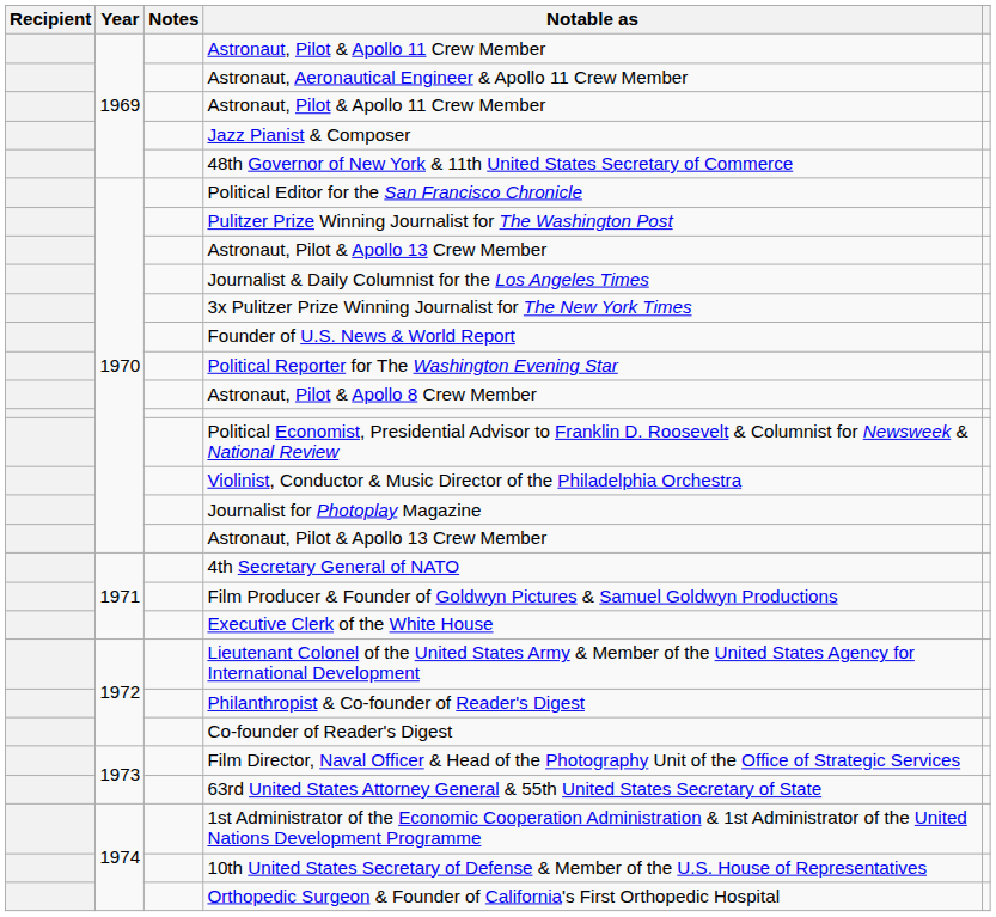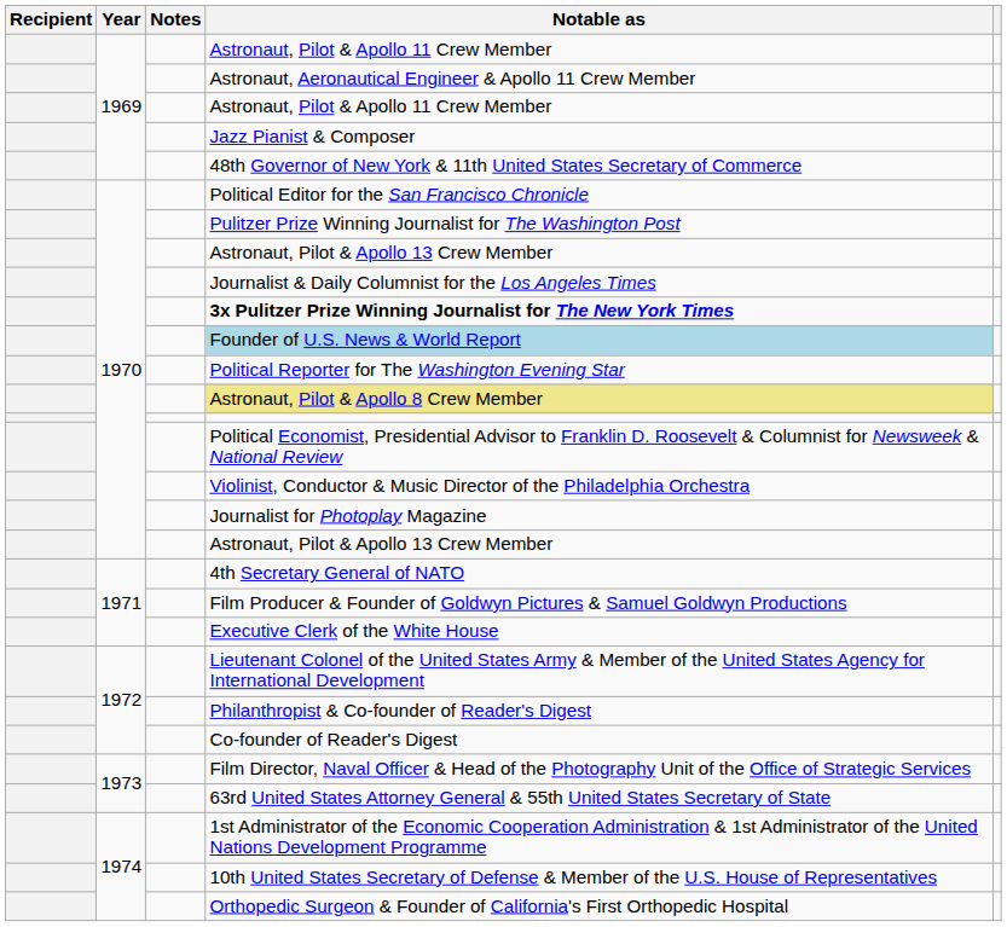 <table class="wikitable sortable plainrowheaders">
 <tr>
 <th>Recipient</th>
 <th>Year</th>
 <th>Notes</th>
 <th>Notable as</th>
 <th class="unsortable"></th>
 </tr>
 <tr>
 <th scope="row"></th>
 <td rowspan="5">1969</td>
 <td></td>
 <td><a href='#'>Astronaut</a>, <a href='#'>Pilot</a> & <a href='#'>Apollo 11</a> Crew Member</td>
 <td></td>
 </tr>
 <tr>
 <th scope="row"></th>
 <td></td>
 <td>Astronaut, <a href='#'>Aeronautical Engineer</a> & Apollo 11 Crew Member</td>
 <td></td>
 </tr>
 <tr>
 <th scope="row"></th>
 <td></td>
 <td>Astronaut, <a href='#'>Pilot</a> & Apollo 11 Crew Member</td>
 <td></td>
 </tr>
 <tr>
 <th scope="row"></th>
 <td></td>
 <td><a href='#'>Jazz Pianist</a> & Composer</td>
 <td></td>
 </tr>
 <tr>
 <th scope="row"></th>
 <td></td>
 <td>48th <a href='#'>Governor of New York</a> & 11th <a href='#'>United States Secretary of Commerce</a></td>
 <td></td>
 </tr>
 <tr>
 <th scope="row"></th>
 <td rowspan="13">1970</td>
 <td></td>
 <td>Political Editor for the <em><a href='#'>San Francisco Chronicle</a></em></td>
 <td></td>
 </tr>
 <tr>
 <th scope="row"></th>
 <td></td>
 <td><a href='#'>Pulitzer Prize</a> Winning Journalist for <em><a href='#'>The Washington Post</a></em></td>
 <td></td>
 </tr>
 <tr>
 <th scope="row"></th>
 <td></td>
 <td>Astronaut, Pilot & <a href='#'>Apollo 13</a> Crew Member</td>
 <td></td>
 </tr>
 <tr>
 <th scope="row"></th>
 <td></td>
 <td>Journalist & Daily Columnist for the <em><a href='#'>Los Angeles Times</a></em></td>
 <td></td>
 </tr>
 <tr>
 <th scope="row"></th>
 <td></td>
-<td>3x Pulitzer Prize Winning Journalist for <em><a href='#'>The New York Times</a></em></td>
+<td><strong>3x Pulitzer Prize Winning Journalist for <em><a href='#'>The New York Times</a></em></strong></td>
 <td></td>
 </tr>
 <tr>
 <th scope="row"></th>
 <td></td>
-<td>Founder of <a href='#'>U.S. News & World Report</a></td>
+<td style="background: lightblue;">Founder of <a href='#'>U.S. News & World Report</a></td>
 <td></td>
 </tr>
 <tr>
 <th scope="row"></th>
 <td></td>
 <td><a href='#'>Political Reporter</a> for The <em><a href='#'>Washington Evening Star</a></em></td>
 <td></td>
 </tr>
 <tr>
 <th scope="row"></th>
 <td></td>
-<td>Astronaut, <a href='#'>Pilot</a> & <a href='#'>Apollo 8</a> Crew Member</td>
+<td style="background: khaki;">Astronaut, <a href='#'>Pilot</a> & <a href='#'>Apollo 8</a> Crew Member</td>
 <td></td>
 </tr>
 <tr>
 <th scope="row"></th>
 <td></td>
 <td></td>
 <td></td>
 </tr>
 <tr>
 <th scope="row"></th>
 <td></td>
 <td>Political <a href='#'>Economist</a>, Presidential Advisor to <a href='#'>Franklin D. Roosevelt</a> & Columnist for <em><a href='#'>Newsweek</a></em> & <em><a href='#'>National Review</a></em></td>
 <td></td>
 </tr>
 <tr>
 <th scope="row"></th>
 <td></td>
 <td><a href='#'>Violinist</a>, Conductor & Music Director of the <a href='#'>Philadelphia Orchestra</a></td>
 <td></td>
 </tr>
 <tr>
 <th scope="row"></th>
 <td></td>
 <td>Journalist for <em><a href='#'>Photoplay</a></em> Magazine</td>
 <td></td>
 </tr>
 <tr>
 <th scope="row"></th>
 <td></td>
 <td>Astronaut, Pilot & Apollo 13 Crew Member</td>
 <td></td>
 </tr>
 <tr>
 <th scope="row"></th>
 <td rowspan="3">1971</td>
 <td></td>
 <td>4th <a href='#'>Secretary General of NATO</a></td>
 <td></td>
 </tr>
 <tr>
 <th scope="row"></th>
 <td></td>
 <td>Film Producer & Founder of <a href='#'>Goldwyn Pictures</a> & <a href='#'>Samuel Goldwyn Productions</a></td>
 <td></td>
 </tr>
 <tr>
 <th scope="row"></th>
 <td></td>
 <td><a href='#'>Executive Clerk</a> of the <a href='#'>White House</a></td>
 <td></td>
 </tr>
 <tr>
 <th scope="row"></th>
 <td rowspan="3">1972</td>
 <td></td>
 <td><a href='#'>Lieutenant Colonel</a> of the <a href='#'>United States Army</a> & Member of the <a href='#'>United States Agency for International Development</a></td>
 <td></td>
 </tr>
 <tr>
 <th scope="row"></th>
 <td></td>
 <td><a href='#'>Philanthropist</a> & Co-founder of <a href='#'>Reader's Digest</a></td>
 <td></td>
 </tr>
 <tr>
 <th scope="row"></th>
 <td></td>
 <td>Co-founder of Reader's Digest</td>
 <td></td>
 </tr>
 <tr>
 <th scope="row"></th>
 <td rowspan="2">1973</td>
 <td></td>
 <td>Film Director, <a href='#'>Naval Officer</a> & Head of the <a href='#'>Photography</a> Unit of the <a href='#'>Office of Strategic Services</a></td>
 <td></td>
 </tr>
 <tr>
 <th scope="row"></th>
 <td></td>
 <td>63rd <a href='#'>United States Attorney General</a> & 55th <a href='#'>United States Secretary of State</a></td>
 <td></td>
 </tr>
 <tr>
 <th scope="row"></th>
 <td rowspan="3">1974</td>
 <td></td>
 <td>1st Administrator of the <a href='#'>Economic Cooperation Administration</a> & 1st Administrator of the <a href='#'>United Nations Development Programme</a></td>
 <td></td>
 </tr>
 <tr>
 <th scope="row"></th>
 <td></td>
 <td>10th <a href='#'>United States Secretary of Defense</a> & Member of the <a href='#'>U.S. House of Representatives</a></td>
 <td></td>
 </tr>
 <tr>
 <th scope="row"></th>
 <td></td>
 <td><a href='#'>Orthopedic Surgeon</a> & Founder of <a href='#'>California</a>'s First Orthopedic Hospital</td>
 <td></td>
 </tr>
 </table>
